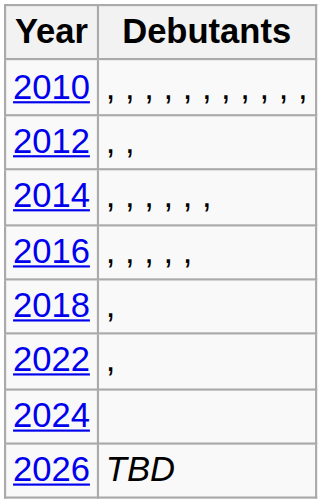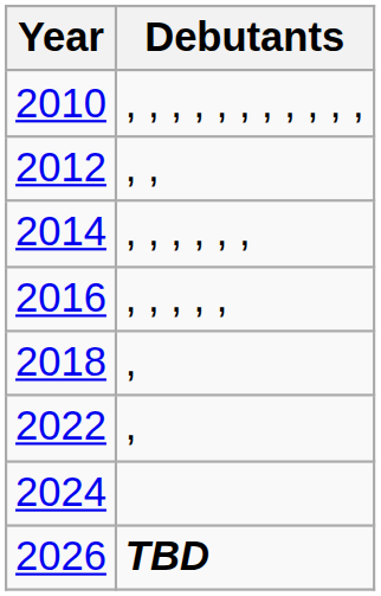 <table class=wikitable>
 <tr>
 <th>Year</th>
 <th>Debutants</th>
 </tr>
 <tr>
 <td><a href='#'>2010</a></td>
 <td>, , , , , , , , , , , </td>
 </tr>
 <tr>
 <td><a href='#'>2012</a></td>
 <td>, , </td>
 </tr>
 <tr>
 <td><a href='#'>2014</a></td>
 <td>, , , , , , </td>
 </tr>
 <tr>
 <td><a href='#'>2016</a></td>
 <td>, , , , , </td>
 </tr>
 <tr>
 <td><a href='#'>2018</a></td>
 <td>, </td>
 </tr>
 <tr>
 <td><a href='#'>2022</a></td>
 <td>, </td>
 </tr>
 <tr>
 <td><a href='#'>2024</a></td>
 <td></td>
 </tr>
 <tr>
 <td><a href='#'>2026</a></td>
-<td><em>TBD</em></td>
+<td><strong><em>TBD</em></strong></td>
 </tr>
 </table>
